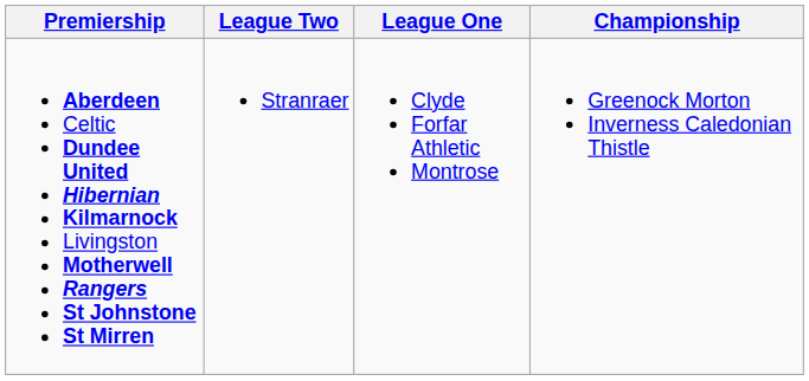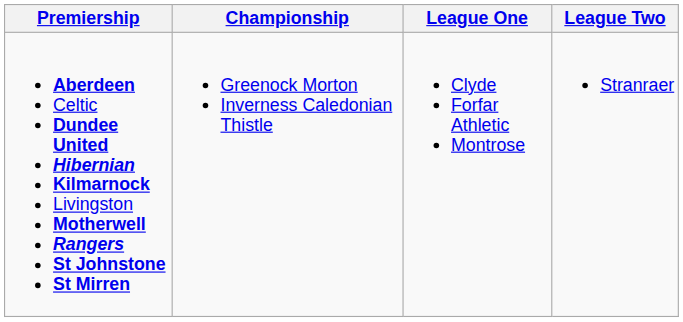 <table class="wikitable" style="text-align:left">
 <tr>
 <th><a href='#'>Premiership</a></th>
+<th><a href='#'>Championship</a></th>
+<th><a href='#'>League One</a></th>
 <th><a href='#'>League Two</a></th>
-<th><a href='#'>League One</a></th>
-<th><a href='#'>Championship</a></th>
 </tr>
 <tr>
 <td valign=top><br><ul><li><strong><a href='#'>Aberdeen</a></strong></li><li><a href='#'>Celtic</a></li><li><strong><a href='#'>Dundee United</a></strong></li><li><strong><em><a href='#'>Hibernian</a></em></strong></li><li><strong><a href='#'>Kilmarnock</a></strong></li><li><a href='#'>Livingston</a></li><li><strong><a href='#'>Motherwell</a></strong></li><li><strong><em><a href='#'>Rangers</a></em></strong></li><li><strong><a href='#'>St Johnstone</a></strong></li><li><strong><a href='#'>St Mirren</a></strong></li></ul></td>
+<td valign=top><br><ul><li><a href='#'>Greenock Morton</a></li><li><a href='#'>Inverness Caledonian Thistle</a></li></ul></td>
+<td valign=top><br><ul><li><a href='#'>Clyde</a></li><li><a href='#'>Forfar Athletic</a></li><li><a href='#'>Montrose</a></li></ul></td>
 <td valign=top><br><ul><li><a href='#'>Stranraer</a></li></ul></td>
-<td valign=top><br><ul><li><a href='#'>Clyde</a></li><li><a href='#'>Forfar Athletic</a></li><li><a href='#'>Montrose</a></li></ul></td>
-<td valign=top><br><ul><li><a href='#'>Greenock Morton</a></li><li><a href='#'>Inverness Caledonian Thistle</a></li></ul></td>
 </tr>
 </table>
